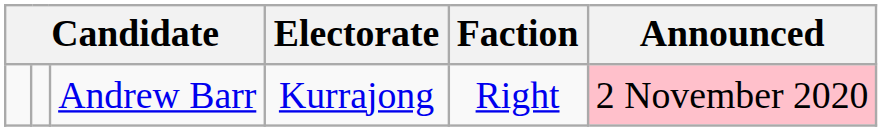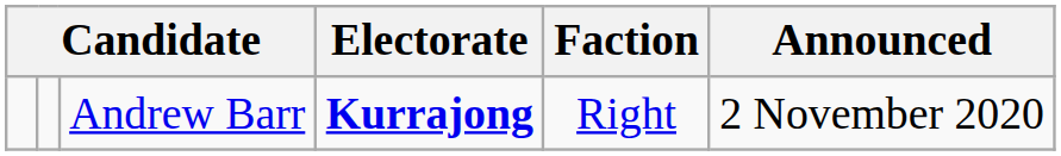 <table class="wikitable" style="text-align:center">
 <tr>
 <th colspan=3>Candidate</th>
 <th>Electorate</th>
 <th>Faction</th>
 <th>Announced</th>
 </tr>
 <tr>
 <td width="3pt" > </td>
 <td></td>
 <td><a href='#'>Andrew Barr</a></td>
-<td><a href='#'>Kurrajong</a></td>
+<td><strong><a href='#'>Kurrajong</a></strong></td>
 <td><a href='#'>Right</a></td>
-<td style="background: pink;">2 November 2020</td>
+<td>2 November 2020</td>
 </tr>
 </table>
